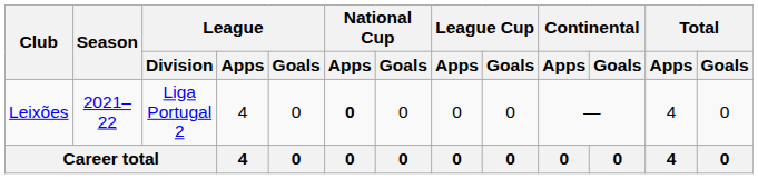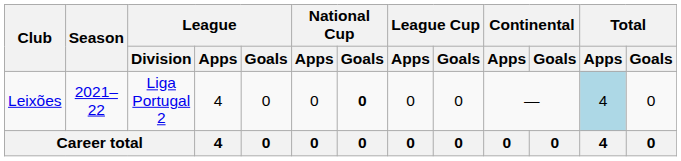 <table class="wikitable" Style="text-align: center">
 <tr>
 <th rowspan="2">Club</th>
 <th rowspan="2">Season</th>
 <th colspan="3">League</th>
 <th colspan="2">National Cup</th>
 <th colspan="2">League Cup</th>
 <th colspan="2">Continental</th>
 <th colspan="2">Total</th>
 </tr>
 <tr>
 <th>Division</th>
 <th>Apps</th>
 <th>Goals</th>
 <th>Apps</th>
 <th>Goals</th>
 <th>Apps</th>
 <th>Goals</th>
 <th>Apps</th>
 <th>Goals</th>
 <th>Apps</th>
 <th>Goals</th>
 </tr>
 <tr>
 <td rowspan="1"><a href='#'>Leixões</a></td>
 <td><a href='#'>2021–22</a></td>
 <td rowspan="1"><a href='#'>Liga Portugal 2</a></td>
 <td>4</td>
 <td>0</td>
+<td>0</td>
 <td><strong>0</strong></td>
 <td>0</td>
 <td>0</td>
-<td>0</td>
 <td colspan="2">—</td>
-<td>4</td>
+<td style="background: lightblue;">4</td>
 <td>0</td>
 </tr>
 <tr>
 <th colspan="3">Career total</th>
 <th>4</th>
 <th>0</th>
 <th>0</th>
 <th>0</th>
 <th>0</th>
 <th>0</th>
 <th>0</th>
 <th>0</th>
 <th>4</th>
 <th>0</th>
 </tr>
 </table>
